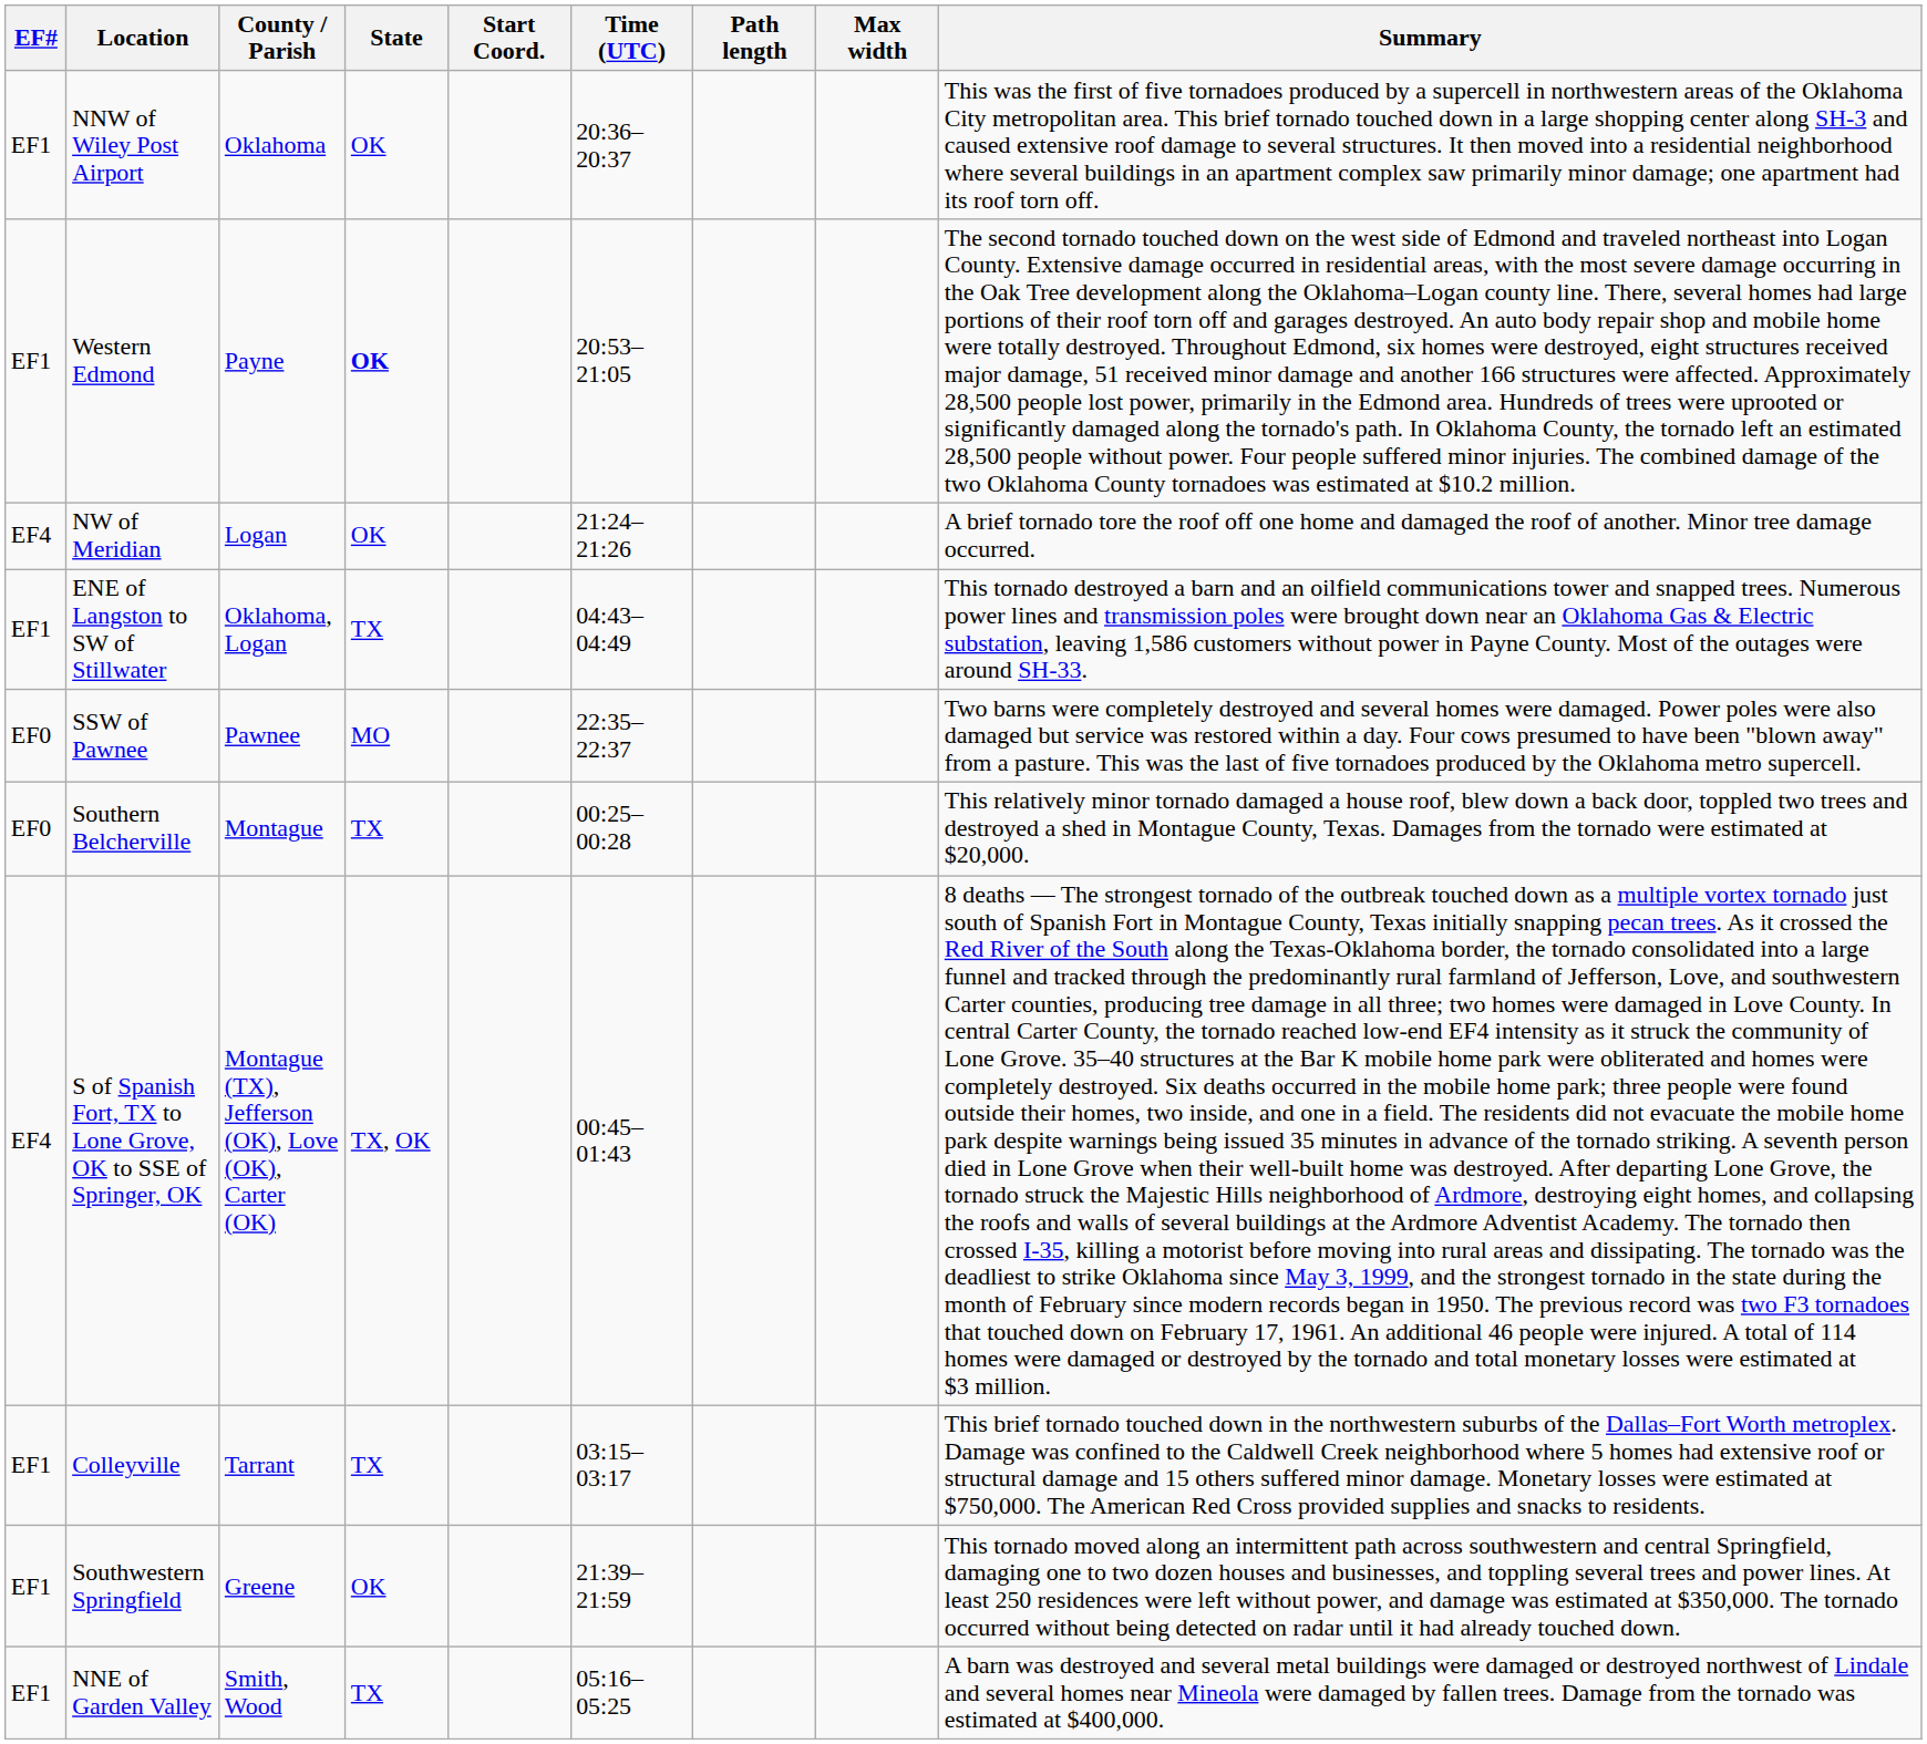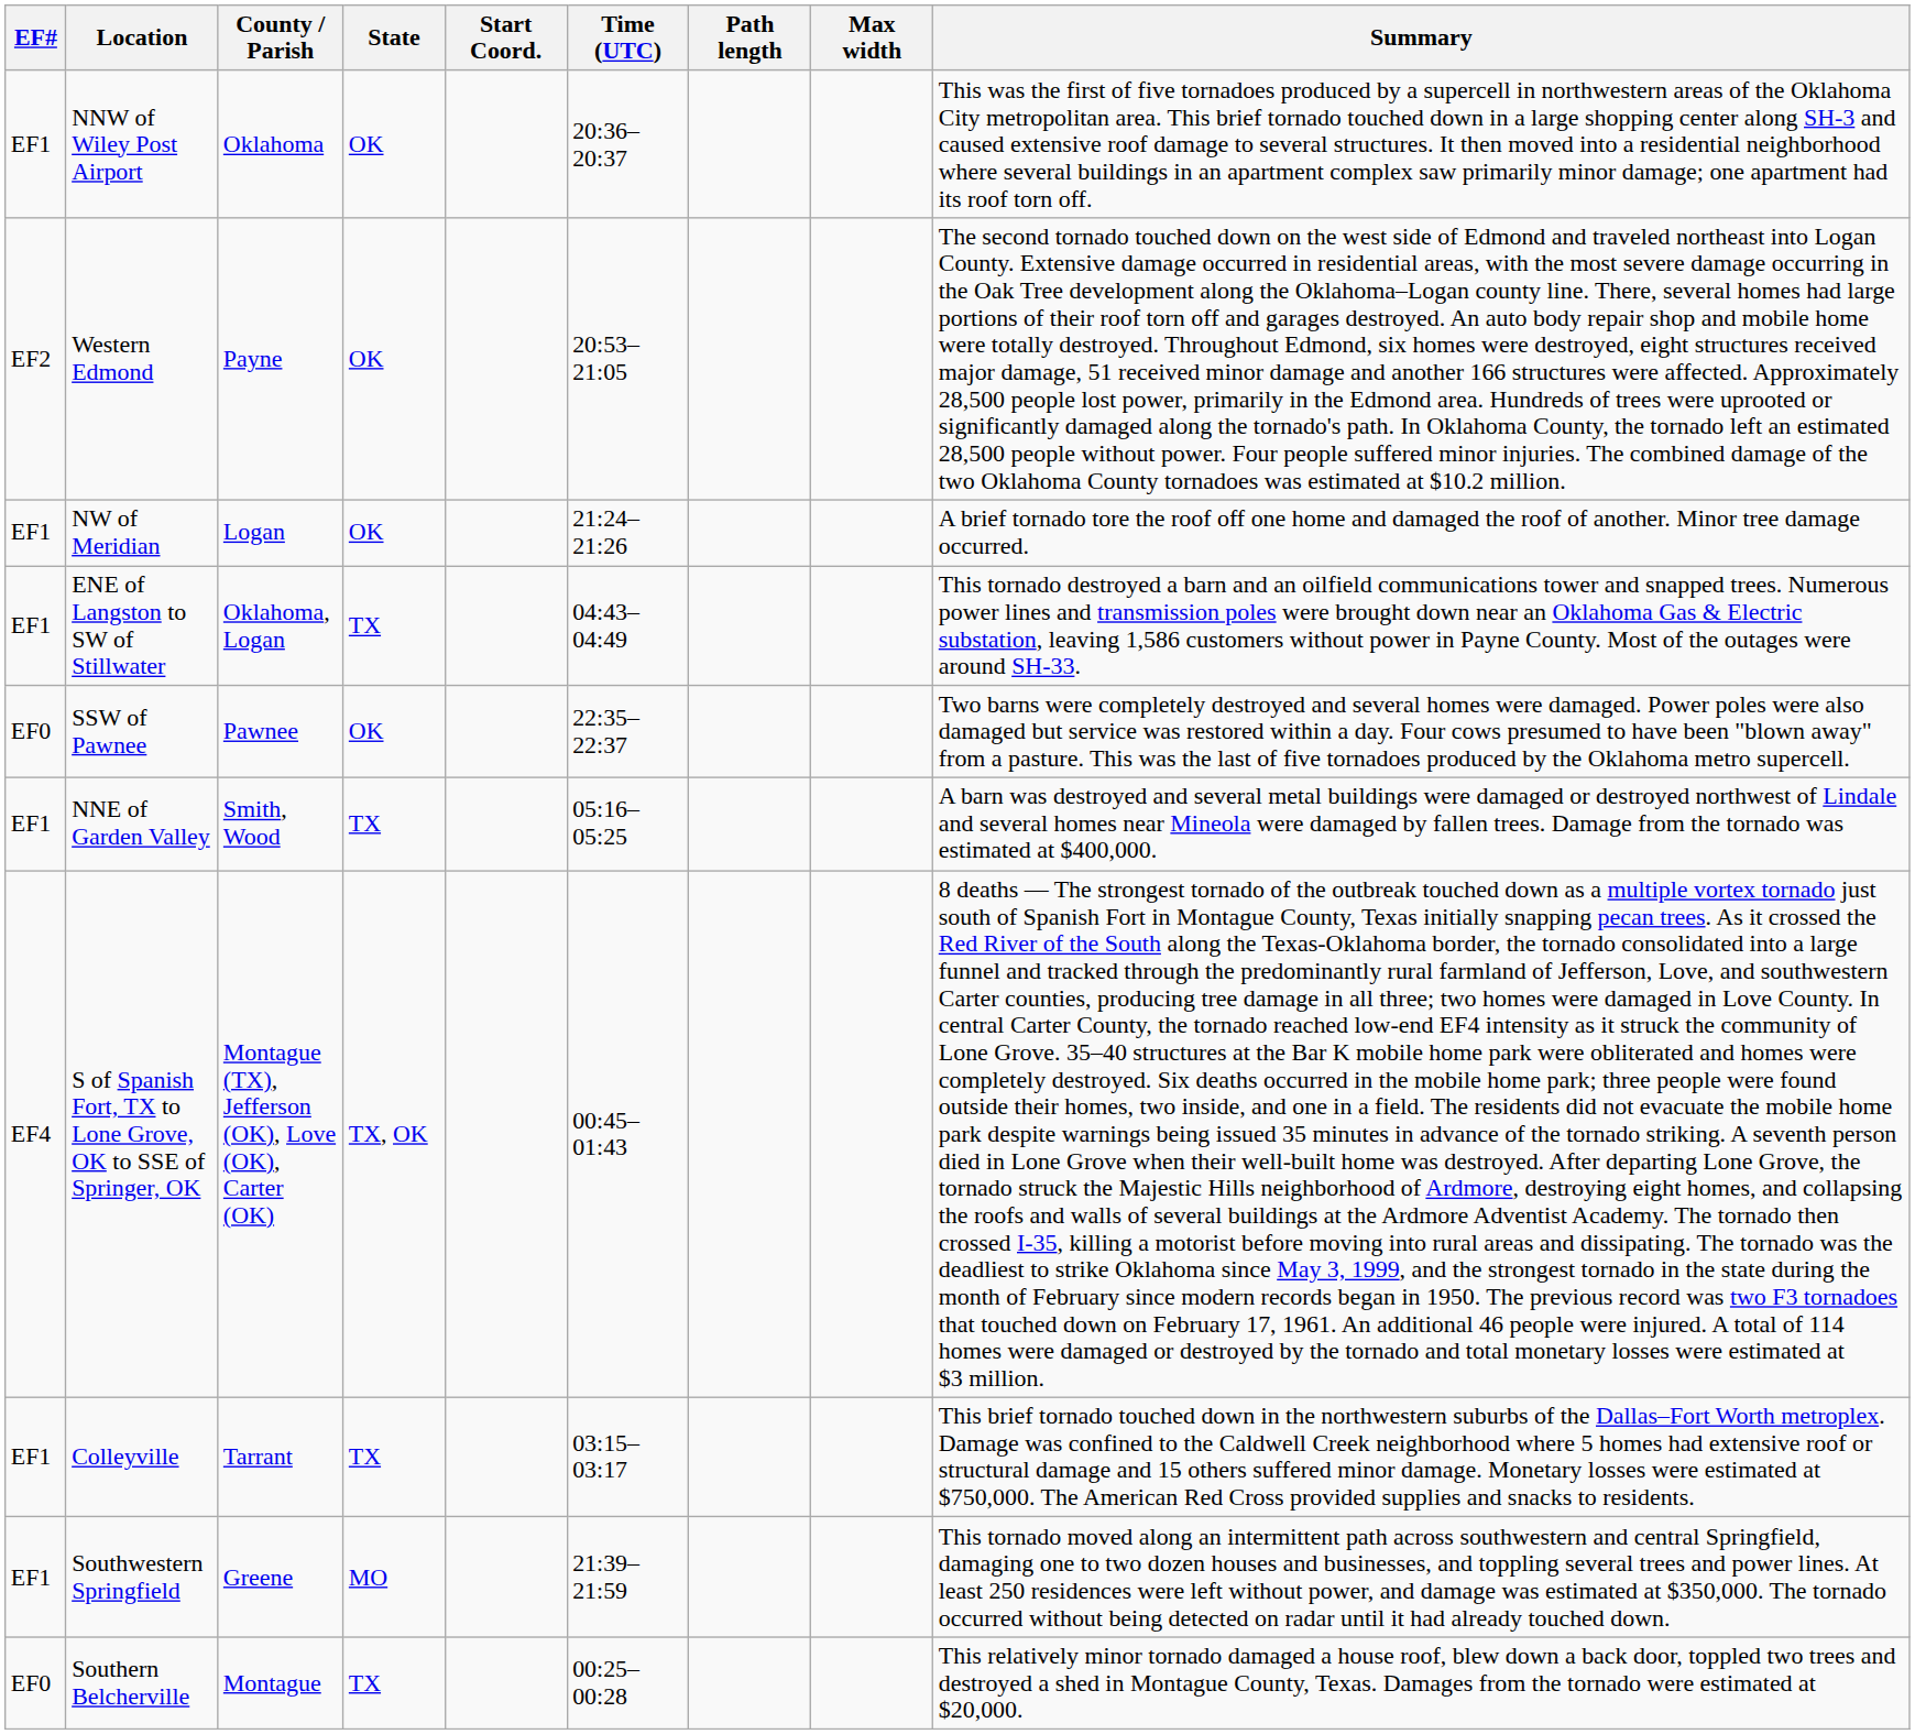 <table class="wikitable sortable" style="width:100%;">
 <tr>
 <th scope="col" width="3%" align="center"><a href='#'>EF#</a></th>
 <th scope="col" width="7%" align="center" class="unsortable">Location</th>
 <th scope="col" width="6%" align="center" class="unsortable">County / Parish</th>
 <th scope="col" width="5%" align="center">State</th>
 <th scope="col" width="6%" align="center">Start Coord.</th>
 <th scope="col" width="6%" align="center">Time (<a href='#'>UTC</a>)</th>
 <th scope="col" width="6%" align="center">Path length</th>
 <th scope="col" width="6%" align="center">Max width</th>
 <th scope="col" width="48%" class="unsortable" align="center">Summary</th>
 </tr>
 <tr>
 <td>EF1</td>
 <td>NNW of <a href='#'>Wiley Post Airport</a></td>
 <td><a href='#'>Oklahoma</a></td>
 <td><a href='#'>OK</a></td>
 <td></td>
 <td>20:36–20:37</td>
 <td></td>
 <td></td>
 <td>This was the first of five tornadoes produced by a supercell in northwestern areas of the Oklahoma City metropolitan area. This brief tornado touched down in a large shopping center along <a href='#'>SH-3</a> and caused extensive roof damage to several structures. It then moved into a residential neighborhood where several buildings in an apartment complex saw primarily minor damage; one apartment had its roof torn off.</td>
 </tr>
 <tr>
-<td>EF1</td>
+<td>EF2</td>
 <td>Western <a href='#'>Edmond</a></td>
 <td><a href='#'>Payne</a></td>
-<td><strong><a href='#'>OK</a></strong></td>
+<td><a href='#'>OK</a></td>
 <td></td>
 <td>20:53–21:05</td>
 <td></td>
 <td></td>
 <td>The second tornado touched down on the west side of Edmond and traveled northeast into Logan County. Extensive damage occurred in residential areas, with the most severe damage occurring in the Oak Tree development along the Oklahoma–Logan county line. There, several homes had large portions of their roof torn off and garages destroyed. An auto body repair shop and mobile home were totally destroyed. Throughout Edmond, six homes were destroyed, eight structures received major damage, 51 received minor damage and another 166 structures were affected. Approximately 28,500 people lost power, primarily in the Edmond area. Hundreds of trees were uprooted or significantly damaged along the tornado's path. In Oklahoma County, the tornado left an estimated 28,500 people without power. Four people suffered minor injuries. The combined damage of the two Oklahoma County tornadoes was estimated at $10.2 million.</td>
 </tr>
 <tr>
-<td>EF4</td>
+<td>EF1</td>
 <td>NW of <a href='#'>Meridian</a></td>
 <td><a href='#'>Logan</a></td>
 <td><a href='#'>OK</a></td>
 <td></td>
 <td>21:24–21:26</td>
 <td></td>
 <td></td>
 <td>A brief tornado tore the roof off one home and damaged the roof of another. Minor tree damage occurred.</td>
 </tr>
 <tr>
 <td>EF1</td>
 <td>ENE of <a href='#'>Langston</a> to SW of <a href='#'>Stillwater</a></td>
 <td><a href='#'>Oklahoma</a>, <a href='#'>Logan</a></td>
 <td><a href='#'>TX</a></td>
 <td></td>
 <td>04:43–04:49</td>
 <td></td>
 <td></td>
 <td>This tornado destroyed a barn and an oilfield communications tower and snapped trees. Numerous power lines and <a href='#'>transmission poles</a> were brought down near an <a href='#'>Oklahoma Gas & Electric</a> <a href='#'>substation</a>, leaving 1,586 customers without power in Payne County. Most of the outages were around <a href='#'>SH-33</a>.</td>
 </tr>
 <tr>
 <td>EF0</td>
 <td>SSW of <a href='#'>Pawnee</a></td>
 <td><a href='#'>Pawnee</a></td>
-<td><a href='#'>MO</a></td>
+<td><a href='#'>OK</a></td>
 <td></td>
 <td>22:35–22:37</td>
 <td></td>
 <td></td>
 <td>Two barns were completely destroyed and several homes were damaged. Power poles were also damaged but service was restored within a day. Four cows presumed to have been "blown away" from a pasture. This was the last of five tornadoes produced by the Oklahoma metro supercell.</td>
 </tr>
 <tr>
-<td>EF0</td>
-<td>Southern <a href='#'>Belcherville</a></td>
-<td><a href='#'>Montague</a></td>
+<td>EF1</td>
+<td>NNE of <a href='#'>Garden Valley</a></td>
+<td><a href='#'>Smith</a>, <a href='#'>Wood</a></td>
 <td><a href='#'>TX</a></td>
 <td></td>
-<td>00:25–00:28</td>
+<td>05:16–05:25</td>
 <td></td>
 <td></td>
-<td>This relatively minor tornado damaged a house roof, blew down a back door, toppled two trees and destroyed a shed in Montague County, Texas. Damages from the tornado were estimated at $20,000.</td>
+<td>A barn was destroyed and several metal buildings were damaged or destroyed northwest of <a href='#'>Lindale</a> and several homes near <a href='#'>Mineola</a> were damaged by fallen trees. Damage from the tornado was estimated at $400,000.</td>
 </tr>
 <tr>
 <td>EF4</td>
 <td>S of <a href='#'>Spanish Fort, TX</a> to <a href='#'>Lone Grove, OK</a> to SSE of <a href='#'>Springer, OK</a></td>
 <td><a href='#'>Montague (TX)</a>, <a href='#'>Jefferson (OK)</a>, <a href='#'>Love (OK)</a>, <a href='#'>Carter (OK)</a></td>
 <td><a href='#'>TX</a>, <a href='#'>OK</a></td>
 <td></td>
 <td>00:45–01:43</td>
 <td></td>
 <td></td>
 <td>8 deaths — The strongest tornado of the outbreak touched down as a <a href='#'>multiple vortex tornado</a> just south of Spanish Fort in Montague County, Texas initially snapping <a href='#'>pecan trees</a>. As it crossed the <a href='#'>Red River of the South</a> along the Texas-Oklahoma border, the tornado consolidated into a large funnel and tracked through the predominantly rural farmland of Jefferson, Love, and southwestern Carter counties, producing tree damage in all three; two homes were damaged in Love County. In central Carter County, the tornado reached low-end EF4 intensity as it struck the community of Lone Grove. 35–40 structures at the Bar K mobile home park were obliterated and homes were completely destroyed. Six deaths occurred in the mobile home park; three people were found outside their homes, two inside, and one in a field. The residents did not evacuate the mobile home park despite warnings being issued 35 minutes in advance of the tornado striking. A seventh person died in Lone Grove when their well-built home was destroyed. After departing Lone Grove, the tornado struck the Majestic Hills neighborhood of <a href='#'>Ardmore</a>, destroying eight homes, and collapsing the roofs and walls of several buildings at the Ardmore Adventist Academy. The tornado then crossed <a href='#'>I-35</a>, killing a motorist before moving into rural areas and dissipating. The tornado was the deadliest to strike Oklahoma since <a href='#'>May 3, 1999</a>, and the strongest tornado in the state during the month of February since modern records began in 1950. The previous record was <a href='#'>two F3 tornadoes</a> that touched down on February 17, 1961. An additional 46 people were injured. A total of 114 homes were damaged or destroyed by the tornado and total monetary losses were estimated at $3 million.</td>
 </tr>
 <tr>
 <td>EF1</td>
 <td><a href='#'>Colleyville</a></td>
 <td><a href='#'>Tarrant</a></td>
 <td><a href='#'>TX</a></td>
 <td></td>
 <td>03:15–03:17</td>
 <td></td>
 <td></td>
 <td>This brief tornado touched down in the northwestern suburbs of the <a href='#'>Dallas–Fort Worth metroplex</a>. Damage was confined to the Caldwell Creek neighborhood where 5 homes had extensive roof or structural damage and 15 others suffered minor damage. Monetary losses were estimated at $750,000. The American Red Cross provided supplies and snacks to residents.</td>
 </tr>
 <tr>
 <td>EF1</td>
 <td>Southwestern <a href='#'>Springfield</a></td>
 <td><a href='#'>Greene</a></td>
-<td><a href='#'>OK</a></td>
+<td><a href='#'>MO</a></td>
 <td></td>
 <td>21:39–21:59</td>
 <td></td>
 <td></td>
 <td>This tornado moved along an intermittent path across southwestern and central Springfield, damaging one to two dozen houses and businesses, and toppling several trees and power lines. At least 250 residences were left without power, and damage was estimated at $350,000. The tornado occurred without being detected on radar until it had already touched down.</td>
 </tr>
 <tr>
-<td>EF1</td>
-<td>NNE of <a href='#'>Garden Valley</a></td>
-<td><a href='#'>Smith</a>, <a href='#'>Wood</a></td>
+<td>EF0</td>
+<td>Southern <a href='#'>Belcherville</a></td>
+<td><a href='#'>Montague</a></td>
 <td><a href='#'>TX</a></td>
 <td></td>
-<td>05:16–05:25</td>
+<td>00:25–00:28</td>
 <td></td>
 <td></td>
-<td>A barn was destroyed and several metal buildings were damaged or destroyed northwest of <a href='#'>Lindale</a> and several homes near <a href='#'>Mineola</a> were damaged by fallen trees. Damage from the tornado was estimated at $400,000.</td>
+<td>This relatively minor tornado damaged a house roof, blew down a back door, toppled two trees and destroyed a shed in Montague County, Texas. Damages from the tornado were estimated at $20,000.</td>
 </tr>
 <tr>
 </tr>
 </table>
